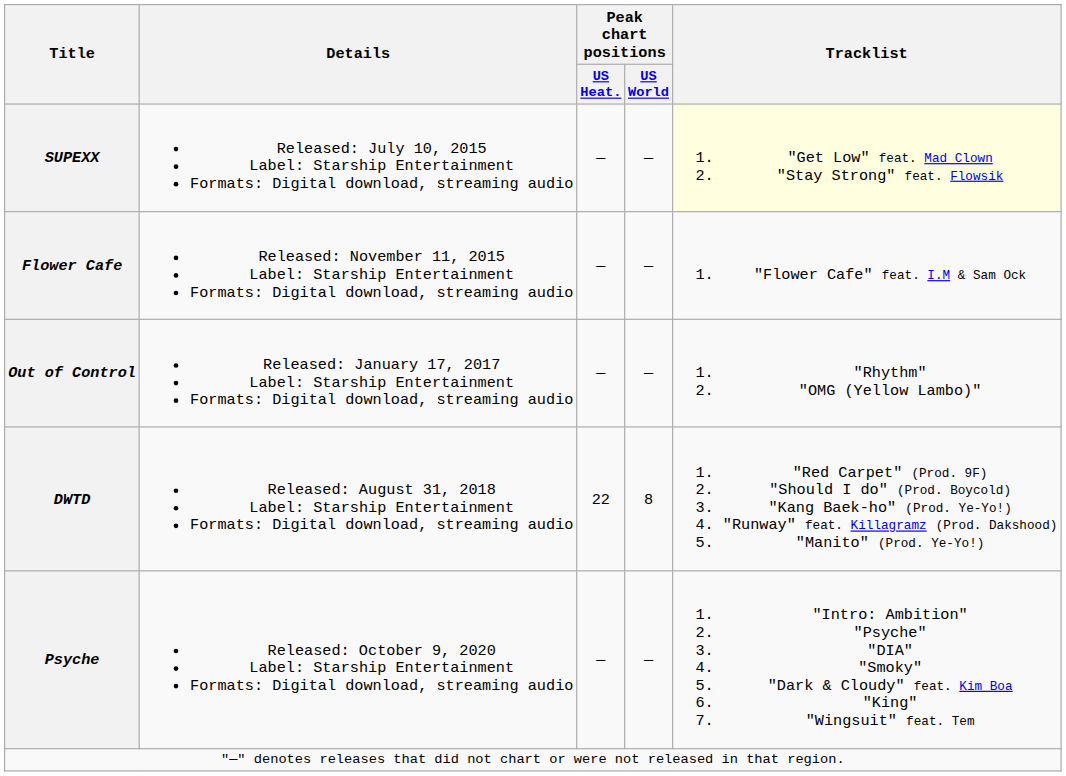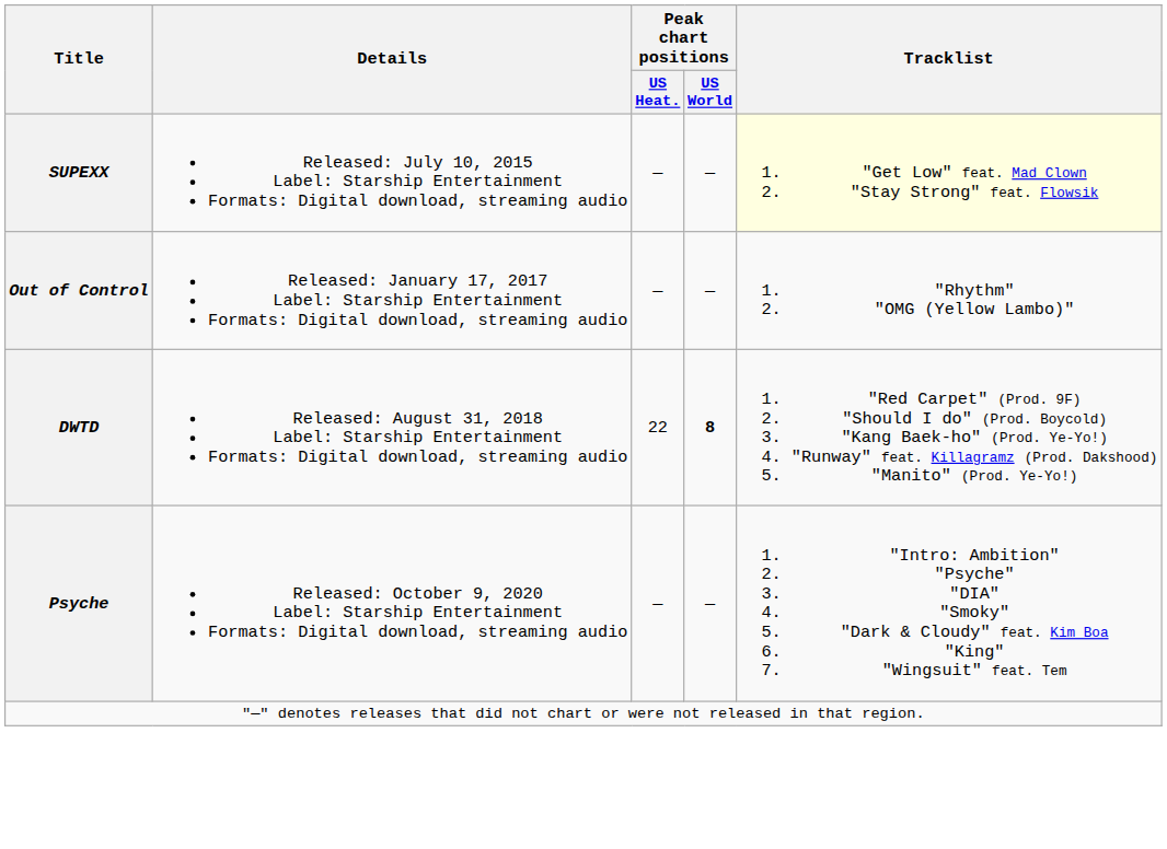 <table class="wikitable plainrowheaders" style="text-align:center;">
 <tr>
 <th rowspan="2" scope="col">Title</th>
 <th rowspan="2" scope="col">Details</th>
 <th colspan="2">Peak chart positions</th>
 <th rowspan="2" scope="col">Tracklist</th>
 </tr>
 <tr>
 <th scope="col" style="width:3em;font-size:90%;"><a href='#'>US<br>Heat.</a><br></th>
 <th scope="col" style="width:3em;font-size:90%;"><a href='#'>US<br>World</a><br></th>
 </tr>
 <tr>
 <th scope="row"><em>SUPEXX</em></th>
 <td><br><ul><li>Released: July 10, 2015</li><li>Label: Starship Entertainment</li><li>Formats: Digital download, streaming audio</li></ul></td>
 <td>—</td>
 <td>—</td>
 <td style="background: lightyellow;"><br><ol><li>"Get Low" <small>feat. <a href='#'>Mad Clown</a></small></li><li>"Stay Strong" <small>feat. <a href='#'>Flowsik</a></small></li></ol></td>
 </tr>
 <tr>
-<th scope="row"><em>Flower Cafe</em></th>
-<td><br><ul><li>Released: November 11, 2015</li><li>Label: Starship Entertainment</li><li>Formats: Digital download, streaming audio</li></ul></td>
-<td>—</td>
-<td>—</td>
-<td><br><ol><li>"Flower Cafe" <small>feat. <a href='#'>I.M</a> & Sam Ock</small></li></ol></td>
-</tr>
-<tr>
 <th scope="row"><em>Out of Control</em></th>
 <td><br><ul><li>Released: January 17, 2017</li><li>Label: Starship Entertainment</li><li>Formats: Digital download, streaming audio</li></ul></td>
 <td>—</td>
 <td>—</td>
 <td><br><ol><li>"Rhythm"</li><li>"OMG (Yellow Lambo)"</li></ol></td>
 </tr>
 <tr>
 <th scope="row"><em>DWTD</em></th>
 <td><br><ul><li>Released: August 31, 2018</li><li>Label: Starship Entertainment</li><li>Formats: Digital download, streaming audio</li></ul></td>
 <td>22</td>
-<td>8</td>
+<td><strong>8</strong></td>
 <td><br><ol><li>"Red Carpet" <small>(Prod. 9F)</small></li><li>"Should I do" <small>(Prod. Boycold)</small></li><li>"Kang Baek-ho" <small>(Prod. Ye-Yo!)</small></li><li>"Runway" <small>feat. <a href='#'>Killagramz</a></small> <small>(Prod. Dakshood)</small></li><li>"Manito" <small>(Prod. Ye-Yo!)</small></li></ol></td>
 </tr>
 <tr>
 <th scope="row"><em>Psyche</em></th>
 <td><br><ul><li>Released: October 9, 2020</li><li>Label: Starship Entertainment</li><li>Formats: Digital download, streaming audio</li></ul></td>
 <td>—</td>
 <td>—</td>
 <td><br><ol><li>"Intro: Ambition"</li><li>"Psyche"</li><li>"DIA"</li><li>"Smoky"</li><li>"Dark & Cloudy" <small>feat. <a href='#'>Kim Boa</a></small></li><li>"King"</li><li>"Wingsuit" <small>feat. Tem</small></li></ol></td>
 </tr>
 <tr>
 <td colspan="5" style="font-size:90%">"—" denotes releases that did not chart or were not released in that region.</td>
 </tr>
 </table>
